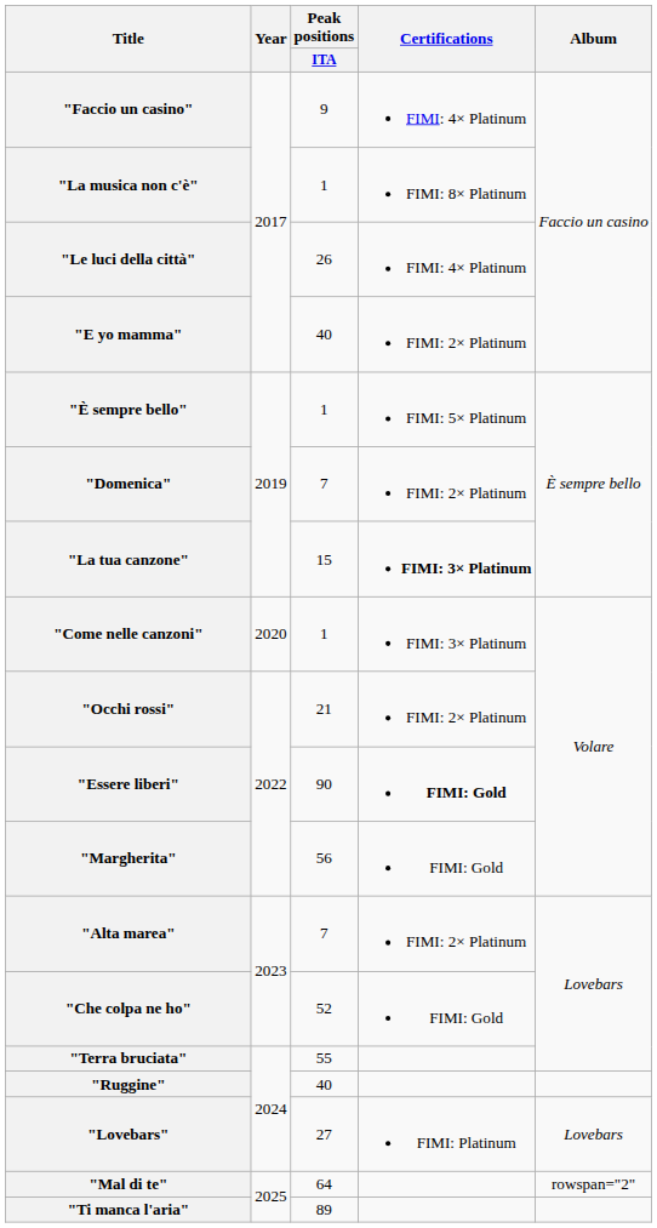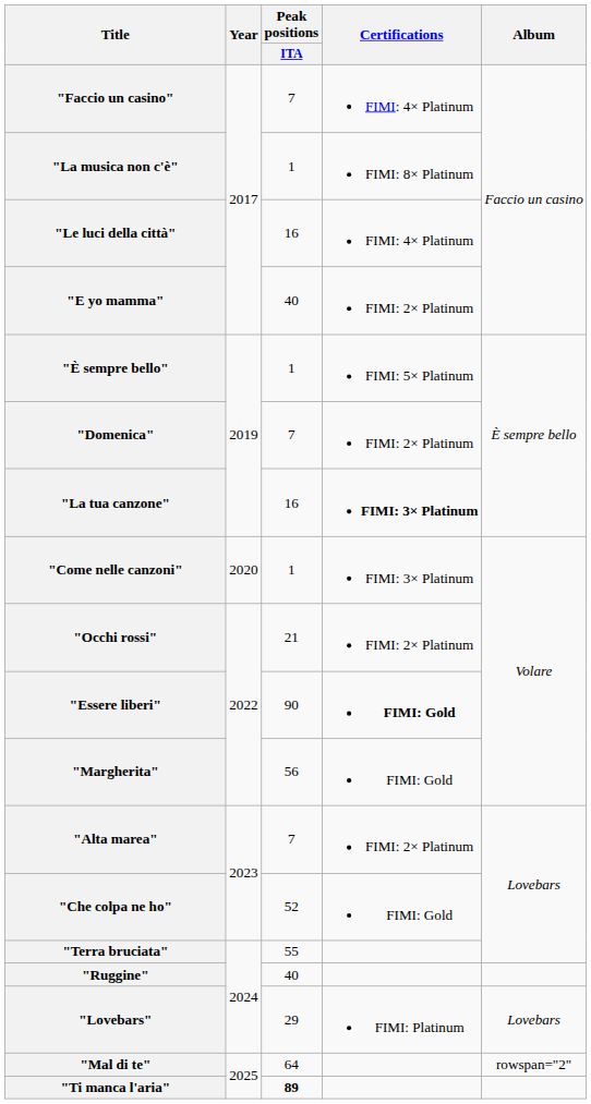 <table class="wikitable plainrowheaders" style="text-align:center;">
 <tr>
 <th scope="col" rowspan="2" style="width:15em;">Title</th>
 <th scope="col" rowspan="2" style="width:1em;">Year</th>
 <th scope="col">Peak positions</th>
 <th scope="col" rowspan="2"><a href='#'>Certifications</a></th>
 <th scope="col" rowspan="2">Album</th>
 </tr>
 <tr>
 <th scope="col" style="width:3em;font-size:90%;"><a href='#'>ITA</a><br></th>
 </tr>
 <tr>
 <th scope="row">"Faccio un casino"</th>
 <td rowspan=4>2017</td>
-<td>9</td>
+<td>7</td>
 <td><br><ul><li><a href='#'>FIMI</a>: 4× Platinum</li></ul></td>
 <td rowspan=4><em>Faccio un casino</em></td>
 </tr>
 <tr>
 <th scope="row">"La musica non c'è"</th>
 <td>1</td>
 <td><br><ul><li>FIMI: 8× Platinum</li></ul></td>
 </tr>
 <tr>
 <th scope="row">"Le luci della città"</th>
-<td>26</td>
+<td>16</td>
 <td><br><ul><li>FIMI: 4× Platinum</li></ul></td>
 </tr>
 <tr>
 <th scope="row">"E yo mamma"</th>
 <td>40</td>
 <td><br><ul><li>FIMI: 2× Platinum</li></ul></td>
 </tr>
 <tr>
 <th scope="row">"È sempre bello"</th>
 <td rowspan=3>2019</td>
 <td>1</td>
 <td><br><ul><li>FIMI: 5× Platinum</li></ul></td>
 <td rowspan=3><em>È sempre bello</em></td>
 </tr>
 <tr>
 <th scope="row">"Domenica"</th>
 <td>7</td>
 <td><br><ul><li>FIMI: 2× Platinum</li></ul></td>
 </tr>
 <tr>
 <th scope="row">"La tua canzone"</th>
-<td>15</td>
+<td>16</td>
 <td><strong><br><ul><li>FIMI: 3× Platinum</li></ul></strong></td>
 </tr>
 <tr>
 <th scope="row">"Come nelle canzoni"</th>
 <td>2020</td>
 <td>1</td>
 <td><br><ul><li>FIMI: 3× Platinum</li></ul></td>
 <td rowspan=4><em>Volare</em></td>
 </tr>
 <tr>
 <th scope="row">"Occhi rossi"</th>
 <td rowspan="3">2022</td>
 <td>21</td>
 <td><br><ul><li>FIMI: 2× Platinum</li></ul></td>
 </tr>
 <tr>
 <th scope="row">"Essere liberi"</th>
 <td>90</td>
 <td><strong><br><ul><li>FIMI: Gold</li></ul></strong></td>
 </tr>
 <tr>
 <th scope="row">"Margherita"</th>
 <td>56</td>
 <td><br><ul><li>FIMI: Gold</li></ul></td>
 </tr>
 <tr>
 <th scope="row">"Alta marea"<br></th>
 <td rowspan="2">2023</td>
 <td>7</td>
 <td><br><ul><li>FIMI: 2× Platinum</li></ul></td>
 <td rowspan="3"><em>Lovebars</em></td>
 </tr>
 <tr>
 <th scope="row">"Che colpa ne ho"<br></th>
 <td>52</td>
 <td><br><ul><li>FIMI: Gold</li></ul></td>
 </tr>
 <tr>
 <th scope="row">"Terra bruciata"<br></th>
 <td rowspan="3">2024</td>
 <td>55</td>
 <td></td>
 </tr>
 <tr>
 <th scope="row">"Ruggine"<br></th>
 <td>40</td>
 <td></td>
 <td></td>
 </tr>
 <tr>
 <th scope="row">"Lovebars"<br></th>
-<td>27</td>
+<td>29</td>
 <td><br><ul><li>FIMI: Platinum</li></ul></td>
 <td><em>Lovebars</em></td>
 </tr>
 <tr>
 <th scope="row">"Mal di te"</th>
 <td rowspan="2">2025</td>
 <td>64<br></td>
 <td></td>
 <td>rowspan="2" </td>
 </tr>
 <tr>
 <th scope="row">"Ti manca l'aria"</th>
-<td>89<br></td>
+<td><strong>89<br></strong></td>
 <td></td>
 </tr>
 </table>
